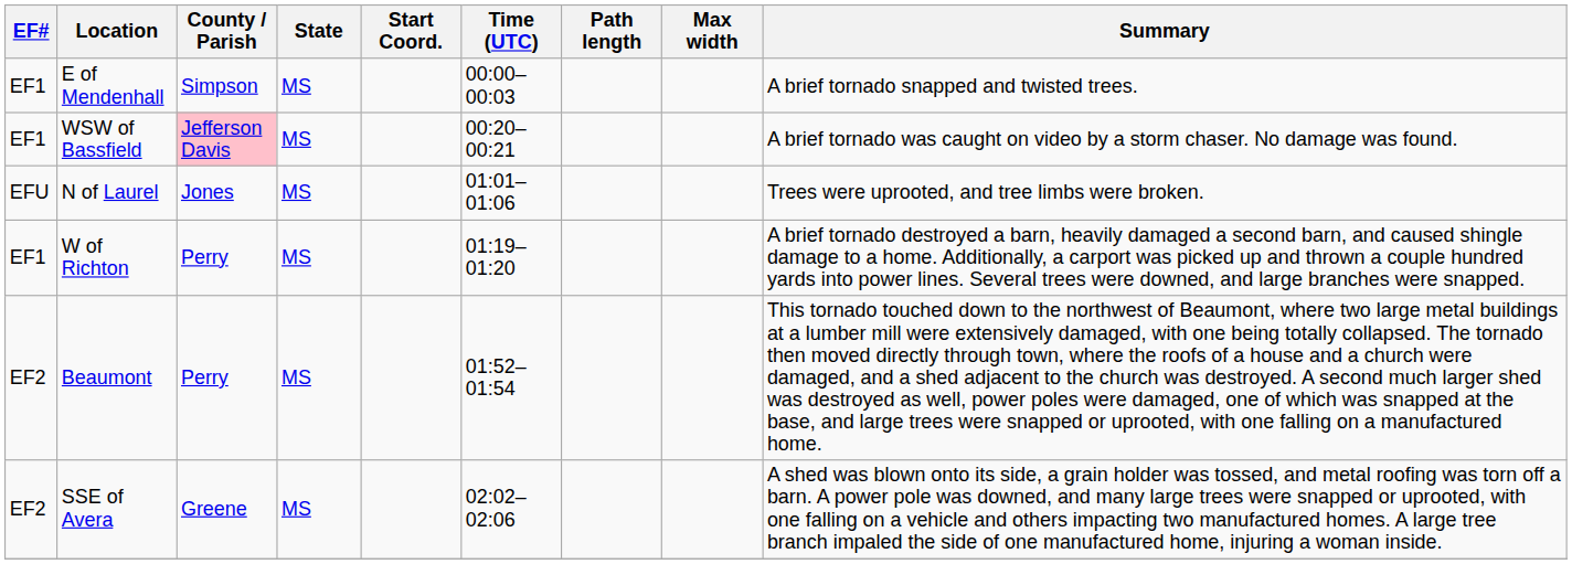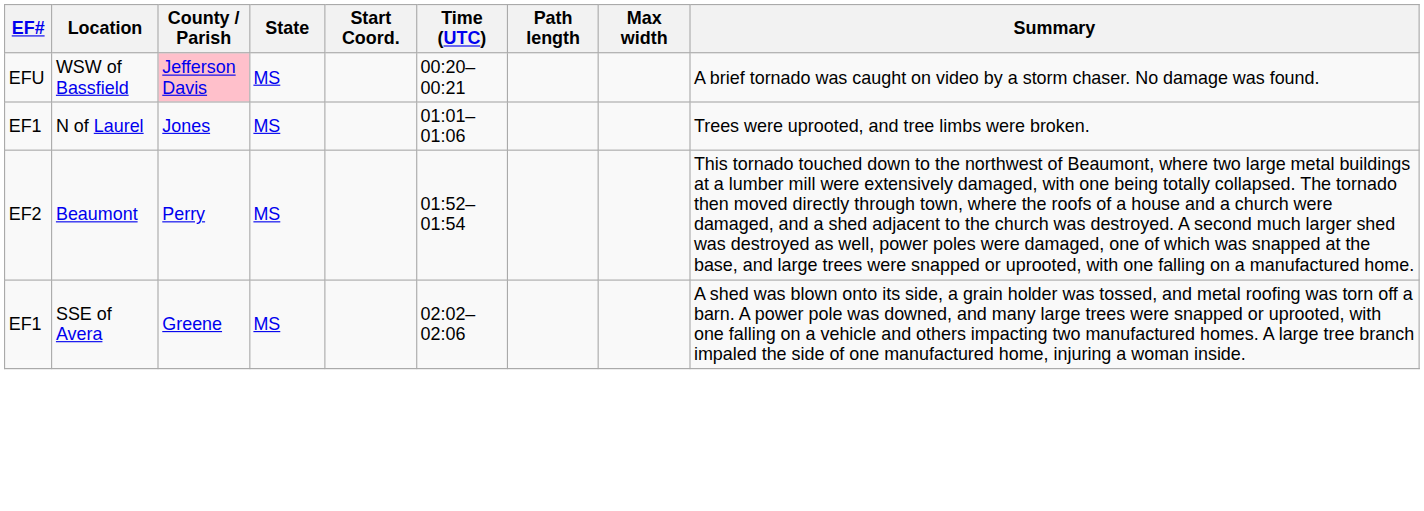 <table class="wikitable sortable" style="width:100%;">
 <tr>
 <th scope="col"  style="width:3%; text-align:center;"><a href='#'>EF#</a></th>
 <th scope="col"  style="width:7%; text-align:center;" class="unsortable">Location</th>
 <th scope="col"  style="width:6%; text-align:center;" class="unsortable">County / Parish</th>
 <th scope="col"  style="width:5%; text-align:center;">State</th>
 <th scope="col"  style="width:6%; text-align:center;">Start Coord.</th>
 <th scope="col"  style="width:6%; text-align:center;">Time (<a href='#'>UTC</a>)</th>
 <th scope="col"  style="width:6%; text-align:center;">Path length</th>
 <th scope="col"  style="width:6%; text-align:center;">Max width</th>
 <th scope="col" class="unsortable" style="width:48%; text-align:center;">Summary</th>
 </tr>
 <tr>
-<td>EF1</td>
-<td>E of <a href='#'>Mendenhall</a></td>
-<td><a href='#'>Simpson</a></td>
-<td><a href='#'>MS</a></td>
-<td></td>
-<td>00:00–00:03</td>
-<td></td>
-<td></td>
-<td>A brief tornado snapped and twisted trees.</td>
-</tr>
-<tr>
-<td>EF1</td>
+<td>EFU</td>
 <td>WSW of <a href='#'>Bassfield</a></td>
 <td style="background: pink;"><a href='#'>Jefferson Davis</a></td>
 <td><a href='#'>MS</a></td>
 <td></td>
 <td>00:20–00:21</td>
 <td></td>
 <td></td>
 <td>A brief tornado was caught on video by a storm chaser. No damage was found.</td>
 </tr>
 <tr>
-<td>EFU</td>
+<td>EF1</td>
 <td>N of <a href='#'>Laurel</a></td>
 <td><a href='#'>Jones</a></td>
 <td><a href='#'>MS</a></td>
 <td></td>
 <td>01:01–01:06</td>
 <td></td>
 <td></td>
 <td>Trees were uprooted, and tree limbs were broken.</td>
-</tr>
-<tr>
-<td>EF1</td>
-<td>W of <a href='#'>Richton</a></td>
-<td><a href='#'>Perry</a></td>
-<td><a href='#'>MS</a></td>
-<td></td>
-<td>01:19–01:20</td>
-<td></td>
-<td></td>
-<td>A brief tornado destroyed a barn, heavily damaged a second barn, and caused shingle damage to a home. Additionally, a carport was picked up and thrown a couple hundred yards into power lines. Several trees were downed, and large branches were snapped.</td>
 </tr>
 <tr>
 <td>EF2</td>
 <td><a href='#'>Beaumont</a></td>
 <td><a href='#'>Perry</a></td>
 <td><a href='#'>MS</a></td>
 <td></td>
 <td>01:52–01:54</td>
 <td></td>
 <td></td>
 <td>This tornado touched down to the northwest of Beaumont, where two large metal buildings at a lumber mill were extensively damaged, with one being totally collapsed. The tornado then moved directly through town, where the roofs of a house and a church were damaged, and a shed adjacent to the church was destroyed. A second much larger shed was destroyed as well, power poles were damaged, one of which was snapped at the base, and large trees were snapped or uprooted, with one falling on a manufactured home.</td>
 </tr>
 <tr>
-<td>EF2</td>
+<td>EF1</td>
 <td>SSE of <a href='#'>Avera</a></td>
 <td><a href='#'>Greene</a></td>
 <td><a href='#'>MS</a></td>
 <td></td>
 <td>02:02–02:06</td>
 <td></td>
 <td></td>
 <td>A shed was blown onto its side, a grain holder was tossed, and metal roofing was torn off a barn. A power pole was downed, and many large trees were snapped or uprooted, with one falling on a vehicle and others impacting two manufactured homes. A large tree branch impaled the side of one manufactured home, injuring a woman inside.</td>
 </tr>
 <tr>
 </tr>
 </table>
